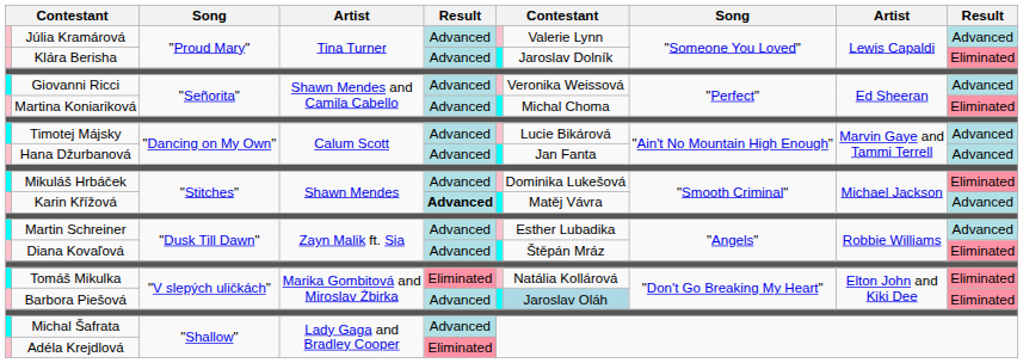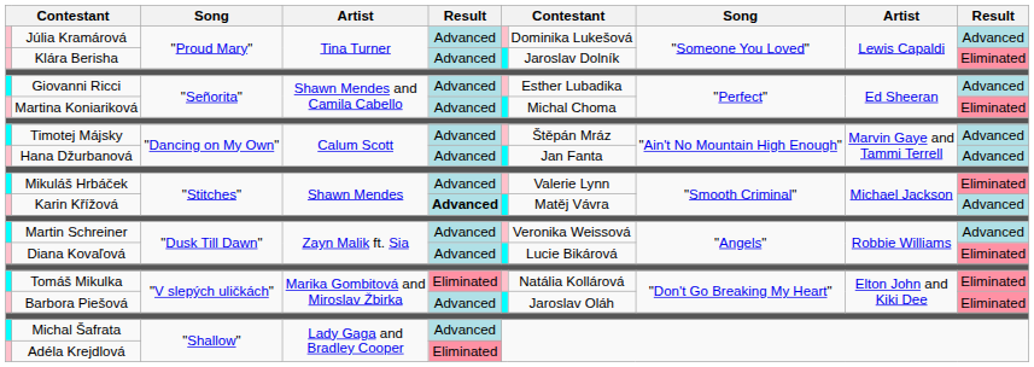 <table class="wikitable sortable" style="text-align:center; line-height:17px; width:80%; white-space:nowrap">
 <tr>
 <th style="width:10%" colspan="2">Contestant</th>
 <th style="width:10%">Song</th>
 <th style="width:10%">Artist</th>
 <th style="width:10%">Result</th>
 <th style="width:10%" colspan="2">Contestant</th>
 <th style="width:10%">Song</th>
 <th style="width:10%">Artist</th>
 <th style="width:10%">Result</th>
 </tr>
 <tr>
 <th style="background:pink;"></th>
 <td>Júlia Kramárová</td>
 <td rowspan="2">"<a href='#'>Proud Mary</a>"</td>
 <td rowspan="2"><a href='#'>Tina Turner</a></td>
 <td style="background:#B0E0E6;">Advanced</td>
 <th style="background:pink;"></th>
-<td>Valerie Lynn</td>
+<td>Dominika Lukešová</td>
 <td rowspan="2">"<a href='#'>Someone You Loved</a>"</td>
 <td rowspan="2"><a href='#'>Lewis Capaldi</a></td>
 <td style="background:#B0E0E6;">Advanced</td>
 </tr>
 <tr>
 <th style="background:pink;"></th>
 <td>Klára Berisha</td>
 <td style="background:#B0E0E6;">Advanced</td>
 <th style="background:cyan;"></th>
 <td>Jaroslav Dolník</td>
 <td style="background:#FF91A4;">Eliminated</td>
 </tr>
 <tr>
 <td colspan=10 style="background:#555555;"></td>
 </tr>
 <tr>
 <th style="background:cyan;"></th>
 <td>Giovanni Ricci</td>
 <td rowspan="2">"<a href='#'>Señorita</a>"</td>
 <td rowspan="2"><a href='#'>Shawn Mendes</a> and<br> <a href='#'>Camila Cabello</a></td>
 <td style="background:#B0E0E6;">Advanced</td>
 <th style="background:pink;"></th>
-<td>Veronika Weissová</td>
+<td>Esther Lubadika</td>
 <td rowspan="2">"<a href='#'>Perfect</a>"</td>
 <td rowspan="2"><a href='#'>Ed Sheeran</a></td>
 <td style="background:#B0E0E6;">Advanced</td>
 </tr>
 <tr>
 <th style="background:pink;"></th>
 <td>Martina Koniariková</td>
 <td style="background:#B0E0E6;">Advanced</td>
 <th style="background:cyan;"></th>
 <td>Michal Choma</td>
 <td style="background:#FF91A4;">Eliminated</td>
 </tr>
 <tr>
 <td colspan=10 style="background:#555555;"></td>
 </tr>
 <tr>
 <th style="background:cyan;"></th>
 <td>Timotej Májsky</td>
 <td rowspan="2">"<a href='#'>Dancing on My Own</a>"</td>
 <td rowspan="2"><a href='#'>Calum Scott</a></td>
 <td style="background:#B0E0E6;">Advanced</td>
 <th style="background:pink;"></th>
-<td>Lucie Bikárová</td>
+<td>Štěpán Mráz</td>
 <td rowspan="2">"<a href='#'>Ain't No Mountain High Enough</a>"</td>
 <td rowspan="2"><a href='#'>Marvin Gaye</a> and<br> <a href='#'>Tammi Terrell</a></td>
 <td style="background:#B0E0E6;">Advanced</td>
 </tr>
 <tr>
 <th style="background:pink;"></th>
 <td>Hana Džurbanová</td>
 <td style="background:#B0E0E6;">Advanced</td>
 <th style="background:cyan;"></th>
 <td>Jan Fanta</td>
 <td style="background:#B0E0E6;">Advanced</td>
 </tr>
 <tr>
 <td colspan=10 style="background:#555555;"></td>
 </tr>
 <tr>
 <th style="background:cyan;"></th>
 <td>Mikuláš Hrbáček</td>
 <td rowspan="2">"<a href='#'>Stitches</a>"</td>
 <td rowspan="2"><a href='#'>Shawn Mendes</a></td>
 <td style="background:#B0E0E6;">Advanced</td>
 <th style="background:pink;"></th>
-<td>Dominika Lukešová</td>
+<td>Valerie Lynn</td>
 <td rowspan="2">"<a href='#'>Smooth Criminal</a>"</td>
 <td rowspan="2"><a href='#'>Michael Jackson</a></td>
 <td style="background:#FF91A4;">Eliminated</td>
 </tr>
 <tr>
 <th style="background:pink;"></th>
 <td>Karin Křížová</td>
 <td style="background:#B0E0E6;"><strong>Advanced</strong></td>
 <th style="background:cyan;"></th>
 <td>Matěj Vávra</td>
 <td style="background:#B0E0E6;">Advanced</td>
 </tr>
 <tr>
 <td colspan=10 style="background:#555555;"></td>
 </tr>
 <tr>
 <th style="background:cyan;"></th>
 <td>Martin Schreiner</td>
 <td rowspan="2">"<a href='#'>Dusk Till Dawn</a>"</td>
 <td rowspan="2"><a href='#'>Zayn Malik</a> ft. <a href='#'>Sia</a></td>
 <td style="background:#B0E0E6;">Advanced</td>
 <th style="background:pink;"></th>
-<td>Esther Lubadika</td>
+<td>Veronika Weissová</td>
 <td rowspan="2">"<a href='#'>Angels</a>"</td>
 <td rowspan="2"><a href='#'>Robbie Williams</a></td>
 <td style="background:#B0E0E6;">Advanced</td>
 </tr>
 <tr>
 <th style="background:pink;"></th>
 <td>Diana Kovaľová</td>
 <td style="background:#B0E0E6;">Advanced</td>
 <th style="background:cyan;"></th>
-<td>Štěpán Mráz</td>
+<td>Lucie Bikárová</td>
 <td style="background:#FF91A4;">Eliminated</td>
 </tr>
 <tr>
 <td colspan=10 style="background:#555555;"></td>
 </tr>
 <tr>
 <th style="background:cyan;"></th>
 <td>Tomáš Mikulka</td>
 <td rowspan="2">"<a href='#'>V slepých uličkách</a>"</td>
 <td rowspan="2"><a href='#'>Marika Gombitová</a> and<br> <a href='#'>Miroslav Žbirka</a></td>
 <td style="background:#FF91A4;">Eliminated</td>
 <th style="background:pink;"></th>
 <td>Natália Kollárová</td>
 <td rowspan="2">"<a href='#'>Don't Go Breaking My Heart</a>"</td>
 <td rowspan="2"><a href='#'>Elton John</a> and<br> <a href='#'>Kiki Dee</a></td>
 <td style="background:#FF91A4;">Eliminated</td>
 </tr>
 <tr>
 <th style="background:pink;"></th>
 <td>Barbora Piešová</td>
 <td style="background:#B0E0E6;">Advanced</td>
 <th style="background:cyan;"></th>
-<td style="background: lightblue;">Jaroslav Oláh</td>
+<td>Jaroslav Oláh</td>
 <td style="background:#FF91A4;">Eliminated</td>
 </tr>
 <tr>
 <td colspan=10 style="background:#555555;"></td>
 </tr>
 <tr>
 <th style="background:cyan;"></th>
 <td>Michal Šafrata</td>
 <td rowspan="2">"<a href='#'>Shallow</a>"</td>
 <td rowspan="2"><a href='#'>Lady Gaga</a> and<br> <a href='#'>Bradley Cooper</a></td>
 <td style="background:#B0E0E6;">Advanced</td>
 </tr>
 <tr>
 <th style="background:pink;"></th>
 <td>Adéla Krejdlová</td>
 <td style="background:#FF91A4;">Eliminated</td>
 </tr>
 </table>
